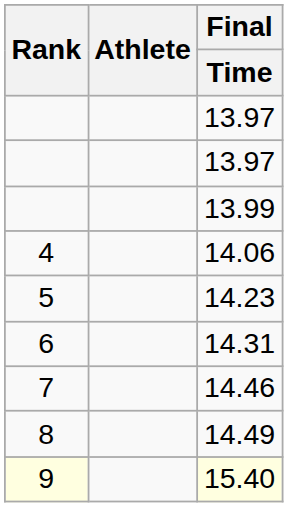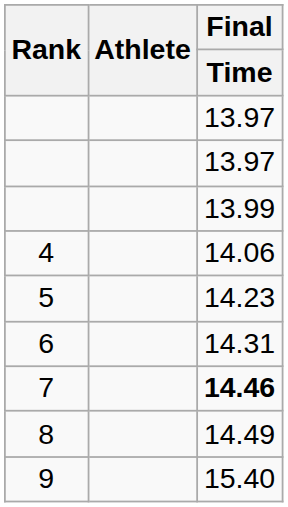 <table class="wikitable sortable"  style="text-align:center">
 <tr>
 <th rowspan="2" data-sort-type=number>Rank</th>
 <th rowspan="2">Athlete</th>
 <th colspan="1">Final</th>
 </tr>
 <tr>
 <th>Time</th>
 </tr>
 <tr>
 <td></td>
 <td align="left"></td>
 <td>13.97</td>
 </tr>
 <tr>
 <td></td>
 <td align="left"></td>
 <td>13.97</td>
 </tr>
 <tr>
 <td></td>
 <td align="left"></td>
 <td>13.99</td>
 </tr>
 <tr>
 <td>4</td>
 <td align="left"></td>
 <td>14.06</td>
 </tr>
 <tr>
 <td>5</td>
 <td align="left"></td>
 <td>14.23</td>
 </tr>
 <tr>
 <td>6</td>
 <td align="left"></td>
 <td>14.31</td>
 </tr>
 <tr>
 <td>7</td>
 <td align="left"></td>
-<td>14.46</td>
+<td><strong>14.46</strong></td>
 </tr>
 <tr>
 <td>8</td>
 <td align="left"></td>
 <td>14.49</td>
 </tr>
 <tr>
-<td style="background: lightyellow;">9</td>
+<td>9</td>
 <td align="left"></td>
-<td style="background: lightyellow;">15.40</td>
+<td>15.40</td>
 </tr>
 </table>
